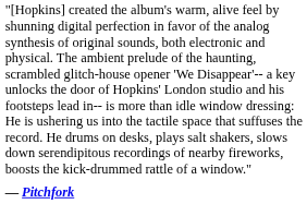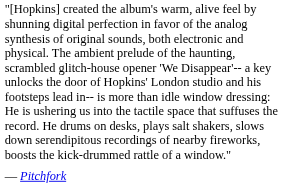 <table class="toccolours" style="float: left; margin-left: 0.5em; margin-right: 2em; font-size: 85%; background:offwhite; color:black; width:23em; max-width: 40%;" cellspacing="5">
 <tr>
 <td style="text-align: left;">"[Hopkins] created the album's warm, alive feel by shunning digital perfection in favor of the analog synthesis of original sounds, both electronic and physical. The ambient prelude of the haunting, scrambled glitch-house opener 'We Disappear'-- a key unlocks the door of Hopkins' London studio and his footsteps lead in-- is more than idle window dressing: He is ushering us into the tactile space that suffuses the record. He drums on desks, plays salt shakers, slows down serendipitous recordings of nearby fireworks, boosts the kick-drummed rattle of a window."</td>
 </tr>
 <tr>
-<td style="text-align: left;"><strong>— <em><a href='#'>Pitchfork</a></em></strong></td>
+<td style="text-align: left;">— <em><a href='#'>Pitchfork</a></em></td>
 </tr>
 </table>
